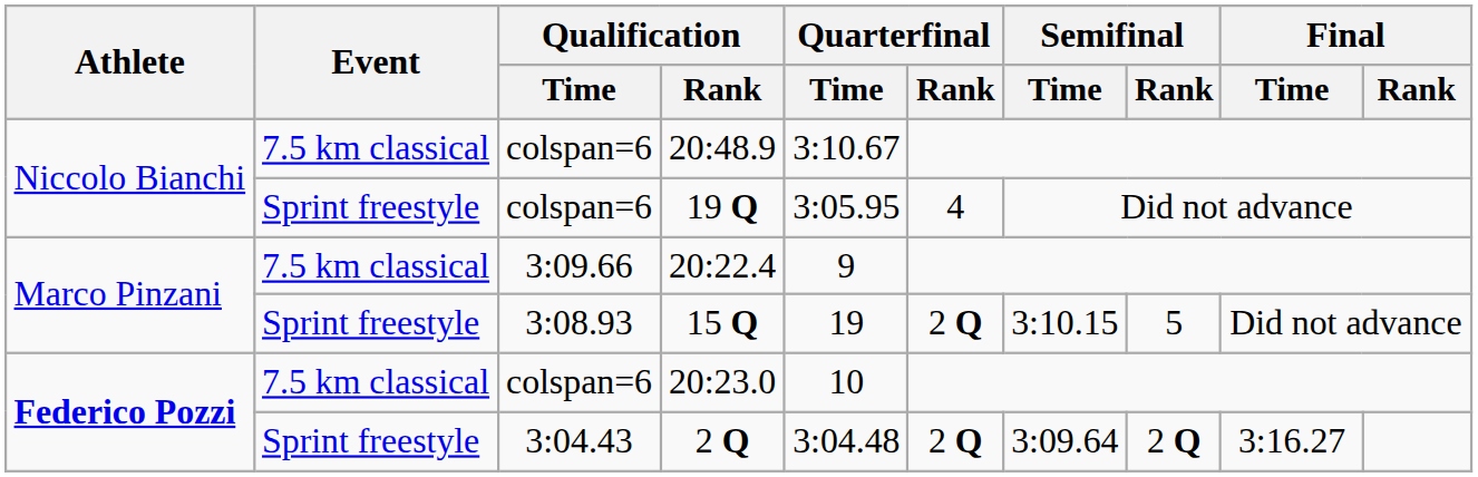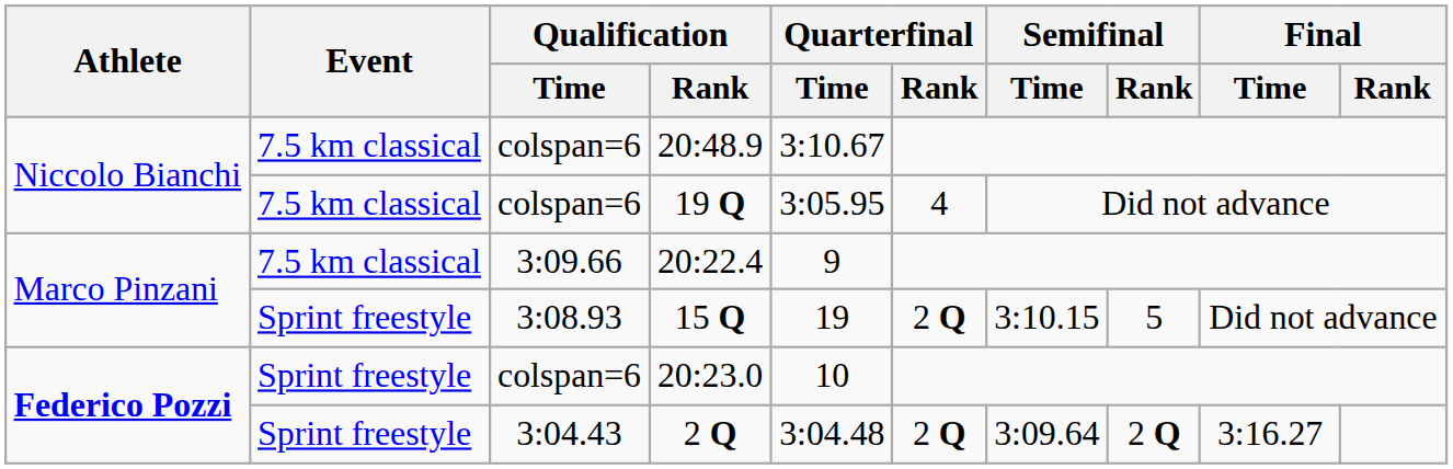 <table class="wikitable" style="font-size:90%">
 <tr>
 <th rowspan="2">Athlete</th>
 <th rowspan="2">Event</th>
 <th colspan="2">Qualification</th>
 <th colspan="2">Quarterfinal</th>
 <th colspan="2">Semifinal</th>
 <th colspan="2">Final</th>
 </tr>
 <tr style="font-size:95%">
 <th>Time</th>
 <th>Rank</th>
 <th>Time</th>
 <th>Rank</th>
 <th>Time</th>
 <th>Rank</th>
 <th>Time</th>
 <th>Rank</th>
 </tr>
 <tr align=center>
 <td align=left rowspan=2><a href='#'>Niccolo Bianchi</a></td>
 <td align=left><a href='#'>7.5 km classical</a></td>
 <td>colspan=6</td>
 <td>20:48.9</td>
 <td>3:10.67</td>
 </tr>
 <tr align=center>
-<td align=left><a href='#'>Sprint freestyle</a></td>
+<td align=left><a href='#'>7.5 km classical</a></td>
 <td>colspan=6</td>
 <td>19 <strong>Q</strong></td>
 <td>3:05.95</td>
 <td>4</td>
 <td colspan=4>Did not advance</td>
 </tr>
 <tr align=center>
 <td align=left rowspan=2><a href='#'>Marco Pinzani</a></td>
 <td align=left><a href='#'>7.5 km classical</a></td>
 <td>3:09.66</td>
 <td>20:22.4</td>
 <td>9</td>
 </tr>
 <tr align=center>
 <td align=left><a href='#'>Sprint freestyle</a></td>
 <td>3:08.93</td>
 <td>15 <strong>Q</strong></td>
 <td>19</td>
 <td>2 <strong>Q</strong></td>
 <td>3:10.15</td>
 <td>5</td>
 <td colspan=2>Did not advance</td>
 </tr>
 <tr align=center>
 <td align=left rowspan=2><strong><a href='#'>Federico Pozzi</a></strong></td>
-<td align=left><a href='#'>7.5 km classical</a></td>
+<td align=left><a href='#'>Sprint freestyle</a></td>
 <td>colspan=6</td>
 <td>20:23.0</td>
 <td>10</td>
 </tr>
 <tr align=center>
 <td align=left><a href='#'>Sprint freestyle</a></td>
 <td>3:04.43</td>
 <td>2 <strong>Q</strong></td>
 <td>3:04.48</td>
 <td>2 <strong>Q</strong></td>
 <td>3:09.64</td>
 <td>2 <strong>Q</strong></td>
 <td>3:16.27</td>
 <td></td>
 </tr>
 </table>
